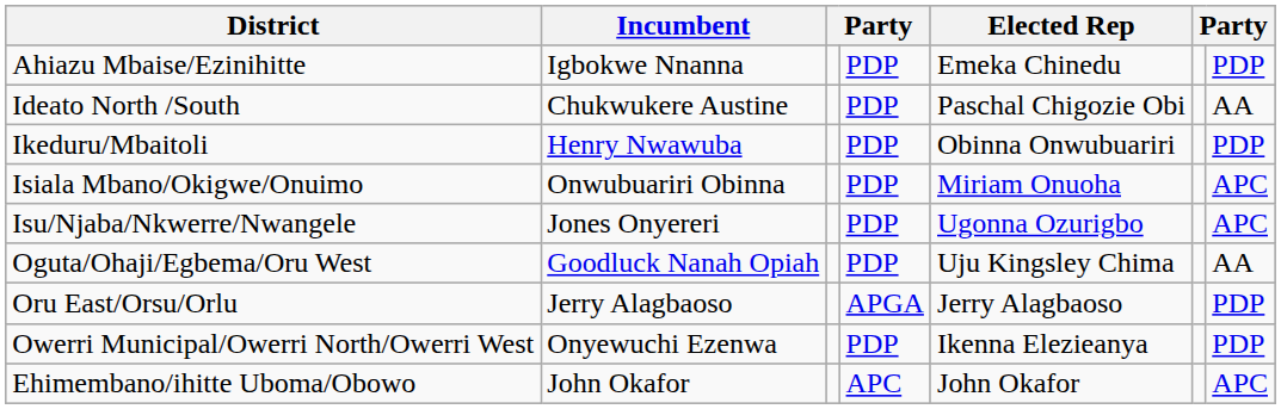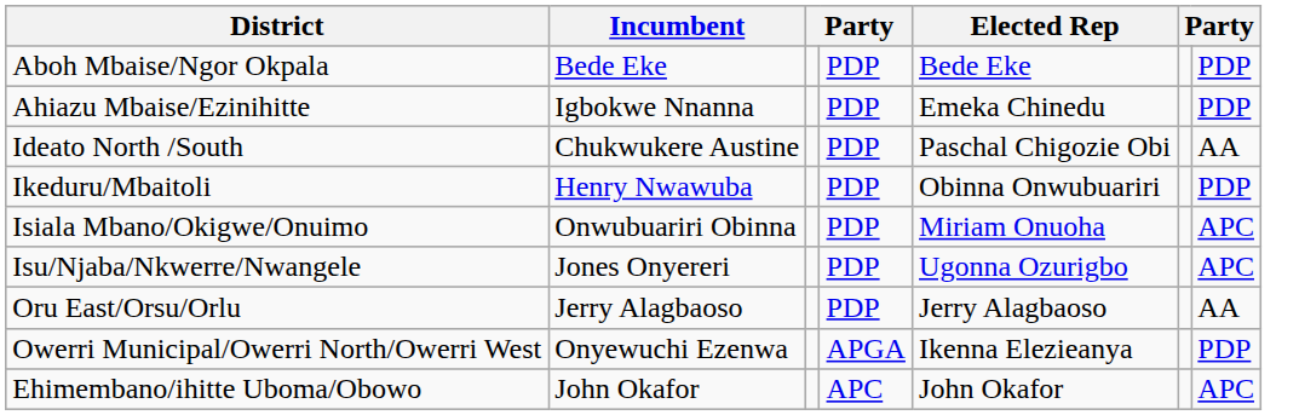 <table class="sortable wikitable" style="font-size:95%;line-height:14px;">
 <tr>
 <th class="unsortable">District</th>
 <th class="unsortable"><a href='#'>Incumbent</a></th>
 <th colspan="2">Party</th>
 <th class="unsortable">Elected Rep</th>
 <th colspan="2">Party</th>
+</tr>
+<tr>
+<td>Aboh Mbaise/Ngor Okpala</td>
+<td><a href='#'>Bede Eke</a></td>
+<td style="background:"></td>
+<td><a href='#'>PDP</a></td>
+<td><a href='#'>Bede Eke</a></td>
+<td style="background:"></td>
+<td><a href='#'>PDP</a></td>
 </tr>
 <tr>
 <td>Ahiazu Mbaise/Ezinihitte</td>
 <td>Igbokwe Nnanna</td>
 <td style="background:"></td>
 <td><a href='#'>PDP</a></td>
 <td>Emeka Chinedu</td>
 <td style="background:"></td>
 <td><a href='#'>PDP</a></td>
 </tr>
 <tr>
 <td>Ideato North /South</td>
 <td>Chukwukere Austine</td>
 <td style="background:"></td>
 <td><a href='#'>PDP</a></td>
 <td>Paschal Chigozie Obi</td>
 <td style="background:"></td>
 <td>AA</td>
 </tr>
 <tr>
 <td>Ikeduru/Mbaitoli</td>
 <td><a href='#'>Henry Nwawuba</a></td>
 <td style="background:"></td>
 <td><a href='#'>PDP</a></td>
 <td>Obinna Onwubuariri</td>
 <td style="background:"></td>
 <td><a href='#'>PDP</a></td>
 </tr>
 <tr>
 <td>Isiala Mbano/Okigwe/Onuimo</td>
 <td>Onwubuariri Obinna</td>
 <td style="background:"></td>
 <td><a href='#'>PDP</a></td>
 <td><a href='#'>Miriam Onuoha</a></td>
 <td style="background:"></td>
 <td><a href='#'>APC</a></td>
 </tr>
 <tr>
 <td>Isu/Njaba/Nkwerre/Nwangele</td>
 <td>Jones Onyereri</td>
 <td style="background:"></td>
 <td><a href='#'>PDP</a></td>
 <td><a href='#'>Ugonna Ozurigbo</a></td>
 <td style="background:"></td>
 <td><a href='#'>APC</a></td>
 </tr>
 <tr>
-<td>Oguta/Ohaji/Egbema/Oru West</td>
-<td><a href='#'>Goodluck Nanah Opiah</a></td>
-<td style="background:"></td>
-<td><a href='#'>PDP</a></td>
-<td>Uju Kingsley Chima</td>
-<td style="background:"></td>
-<td>AA</td>
-</tr>
-<tr>
 <td>Oru East/Orsu/Orlu</td>
 <td>Jerry Alagbaoso</td>
 <td style="background:"></td>
-<td><a href='#'>APGA</a></td>
+<td><a href='#'>PDP</a></td>
 <td>Jerry Alagbaoso</td>
 <td style="background:"></td>
-<td><a href='#'>PDP</a></td>
+<td>AA</td>
 </tr>
 <tr>
 <td>Owerri Municipal/Owerri North/Owerri West</td>
 <td>Onyewuchi Ezenwa</td>
 <td style="background:"></td>
-<td><a href='#'>PDP</a></td>
+<td><a href='#'>APGA</a></td>
 <td>Ikenna Elezieanya</td>
 <td style="background:"></td>
 <td><a href='#'>PDP</a></td>
 </tr>
 <tr>
 <td>Ehimembano/ihitte Uboma/Obowo</td>
 <td>John Okafor</td>
 <td style="background:"></td>
 <td><a href='#'>APC</a></td>
 <td>John Okafor</td>
 <td style="background:"></td>
 <td><a href='#'>APC</a></td>
 </tr>
 </table>
